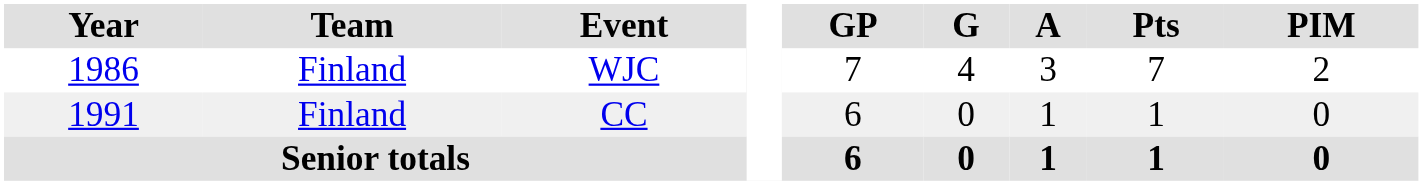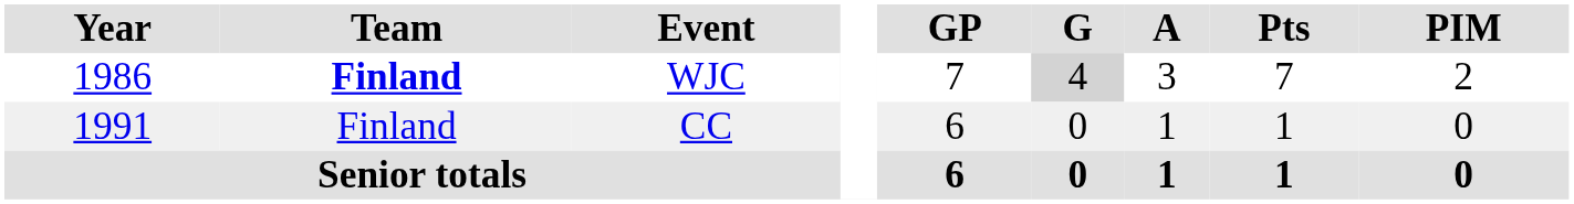 <table border="0" cellpadding="1" cellspacing="0" style="text-align:center; width:40em">
 <tr bgcolor="#e0e0e0">
 <th>Year</th>
 <th>Team</th>
 <th>Event</th>
 <th rowspan="99" bgcolor="#ffffff"> </th>
 <th>GP</th>
 <th>G</th>
 <th>A</th>
 <th>Pts</th>
 <th>PIM</th>
 </tr>
 <tr>
 <td><a href='#'>1986</a></td>
-<td><a href='#'>Finland</a></td>
+<td><strong><a href='#'>Finland</a></strong></td>
 <td><a href='#'>WJC</a></td>
 <td>7</td>
-<td>4</td>
+<td style="background: lightgrey;">4</td>
 <td>3</td>
 <td>7</td>
 <td>2</td>
 </tr>
 <tr bgcolor="#f0f0f0">
 <td><a href='#'>1991</a></td>
 <td><a href='#'>Finland</a></td>
 <td><a href='#'>CC</a></td>
 <td>6</td>
 <td>0</td>
 <td>1</td>
 <td>1</td>
 <td>0</td>
 </tr>
 <tr bgcolor="#e0e0e0">
 <th colspan="3">Senior totals</th>
 <th>6</th>
 <th>0</th>
 <th>1</th>
 <th>1</th>
 <th>0</th>
 </tr>
 </table>
